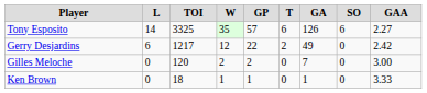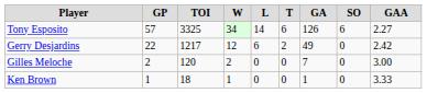 <table class="wikitable" width="50%">
 <tr align="center"  bgcolor="#dddddd">
 <td><strong>Player</strong></td>
-<td><strong>L</strong></td>
+<td><strong>GP</strong></td>
 <td><strong>TOI</strong></td>
 <td><strong>W</strong></td>
-<td><strong>GP</strong></td>
+<td><strong>L</strong></td>
 <td><strong>T</strong></td>
 <td><strong>GA</strong></td>
 <td><strong>SO</strong></td>
 <td><strong>GAA</strong></td>
 </tr>
 <tr>
 <td><a href='#'>Tony Esposito</a></td>
+<td>57</td>
+<td>3325</td>
+<td style="background:#DDFFDD;">34</td>
 <td>14</td>
-<td>3325</td>
-<td style="background:#DDFFDD;">35</td>
-<td>57</td>
 <td>6</td>
 <td>126</td>
 <td>6</td>
 <td>2.27</td>
 </tr>
 <tr>
 <td><a href='#'>Gerry Desjardins</a></td>
-<td>6</td>
+<td>22</td>
 <td>1217</td>
 <td>12</td>
-<td>22</td>
+<td>6</td>
 <td>2</td>
 <td>49</td>
 <td>0</td>
 <td>2.42</td>
 </tr>
 <tr>
 <td><a href='#'>Gilles Meloche</a></td>
-<td>0</td>
+<td>2</td>
 <td>120</td>
 <td>2</td>
-<td>2</td>
+<td>0</td>
 <td>0</td>
 <td>7</td>
 <td>0</td>
 <td>3.00</td>
 </tr>
 <tr>
 <td><a href='#'>Ken Brown</a></td>
-<td>0</td>
+<td>1</td>
 <td>18</td>
 <td>1</td>
-<td>1</td>
+<td>0</td>
 <td>0</td>
 <td>1</td>
 <td>0</td>
 <td>3.33</td>
 </tr>
 </table>
